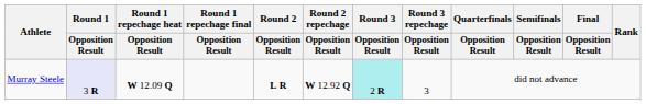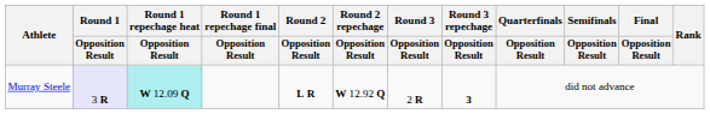 <table class="wikitable" style="font-size:90%;text-align:center;">
 <tr>
 <th rowspan=2>Athlete</th>
 <th>Round 1</th>
 <th>Round 1<br>repechage heat</th>
 <th>Round 1<br>repechage final</th>
 <th>Round 2</th>
 <th>Round 2<br>repechage</th>
 <th>Round 3</th>
 <th>Round 3<br>repechage</th>
 <th>Quarterfinals</th>
 <th>Semifinals</th>
 <th>Final</th>
 <th rowspan=2>Rank</th>
 </tr>
 <tr style="font-size:95%">
 <th>Opposition<br>Result</th>
 <th>Opposition<br>Result</th>
 <th>Opposition<br>Result</th>
 <th>Opposition<br>Result</th>
 <th>Opposition<br>Result</th>
 <th>Opposition<br>Result</th>
 <th>Opposition<br>Result</th>
 <th>Opposition<br>Result</th>
 <th>Opposition<br>Result</th>
 <th>Opposition<br>Result</th>
 </tr>
 <tr>
 <td align=left><a href='#'>Murray Steele</a></td>
 <td style="background: lavender;"><br><br>3 <strong>R</strong></td>
-<td><br><strong>W</strong> 12.09 <strong>Q</strong></td>
+<td style="background: paleturquoise;"><br><strong>W</strong> 12.09 <strong>Q</strong></td>
 <td></td>
 <td><br><strong>L</strong> <strong>R</strong></td>
 <td><br><strong>W</strong> 12.92 <strong>Q</strong></td>
-<td style="background: paleturquoise;"><br><br>2 <strong>R</strong></td>
-<td><br><br>3</td>
+<td><br><br>2 <strong>R</strong></td>
+<td><strong><br><br>3</strong></td>
 <td colspan=4>did not advance</td>
 </tr>
 </table>
